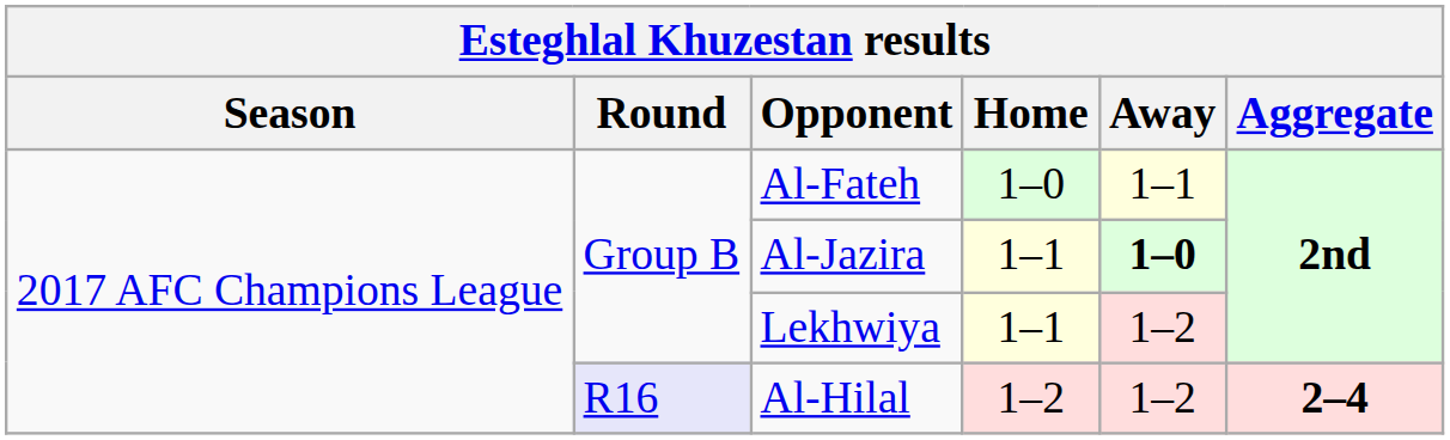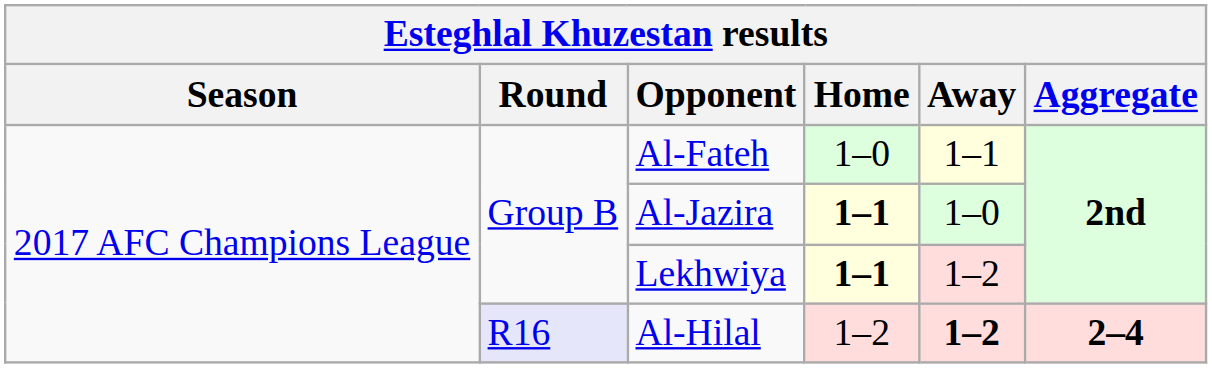 <table class="wikitable">
 <tr>
 <th colspan="6"><a href='#'>Esteghlal Khuzestan</a> results</th>
 </tr>
 <tr>
 <th>Season</th>
 <th>Round</th>
 <th>Opponent</th>
 <th>Home</th>
 <th>Away</th>
 <th><a href='#'>Aggregate</a></th>
 </tr>
 <tr>
 <td rowspan="4"><a href='#'>2017 AFC Champions League</a></td>
 <td rowspan="3"><a href='#'>Group B</a></td>
 <td> <a href='#'>Al-Fateh</a></td>
 <td bgcolor="#ddffdd" style="text-align:center;">1–0</td>
 <td bgcolor="#ffffdd" style="text-align:center;">1–1</td>
 <td rowspan="3" bgcolor="#ddffdd" style="text-align:center;"><strong>2nd</strong></td>
 </tr>
 <tr>
 <td> <a href='#'>Al-Jazira</a></td>
-<td bgcolor="#ffffdd" style="text-align:center;">1–1</td>
-<td bgcolor="#ddffdd" style="text-align:center;"><strong>1–0</strong></td>
+<td bgcolor="#ffffdd" style="text-align:center;"><strong>1–1</strong></td>
+<td bgcolor="#ddffdd" style="text-align:center;">1–0</td>
 </tr>
 <tr>
 <td> <a href='#'>Lekhwiya</a></td>
-<td bgcolor="#ffffdd" style="text-align:center;">1–1</td>
+<td bgcolor="#ffffdd" style="text-align:center;"><strong>1–1</strong></td>
 <td bgcolor="#ffdddd" style="text-align:center;">1–2</td>
 </tr>
 <tr>
 <td style="background: lavender;"><a href='#'>R16</a></td>
 <td> <a href='#'>Al-Hilal</a></td>
 <td bgcolor="#ffdddd" style="text-align:center;">1–2</td>
-<td bgcolor="#ffdddd" style="text-align:center;">1–2</td>
+<td bgcolor="#ffdddd" style="text-align:center;"><strong>1–2</strong></td>
 <td bgcolor="#ffdddd" style="text-align:center;"><strong>2–4</strong></td>
 </tr>
 </table>
